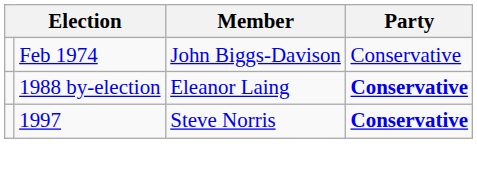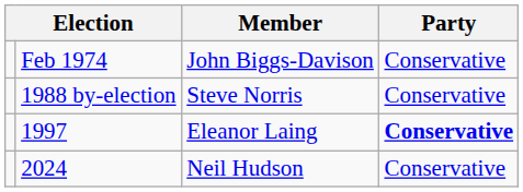 <table class="wikitable">
 <tr>
 <th colspan="2">Election</th>
 <th>Member</th>
 <th>Party</th>
 </tr>
 <tr>
 <td style="color:inherit;background-color: "></td>
 <td><a href='#'>Feb 1974</a></td>
 <td><a href='#'>John Biggs-Davison</a></td>
 <td><a href='#'>Conservative</a></td>
 </tr>
 <tr>
 <td style="color:inherit;background-color: "></td>
 <td><a href='#'>1988 by-election</a></td>
+<td><a href='#'>Steve Norris</a></td>
+<td><a href='#'>Conservative</a></td>
+</tr>
+<tr>
+<td style="color:inherit;background-color: "></td>
+<td><a href='#'>1997</a></td>
 <td><a href='#'>Eleanor Laing</a></td>
 <td><strong><a href='#'>Conservative</a></strong></td>
 </tr>
 <tr>
 <td style="color:inherit;background-color: "></td>
-<td><a href='#'>1997</a></td>
-<td><a href='#'>Steve Norris</a></td>
-<td><strong><a href='#'>Conservative</a></strong></td>
+<td><a href='#'>2024</a></td>
+<td><a href='#'>Neil Hudson</a></td>
+<td><a href='#'>Conservative</a></td>
 </tr>
 </table>
